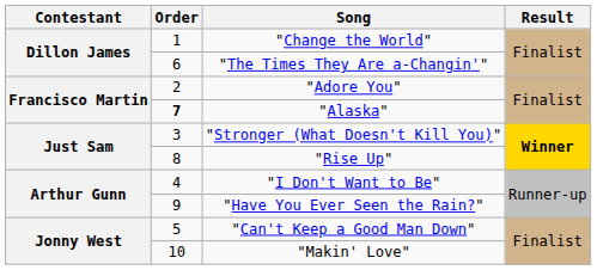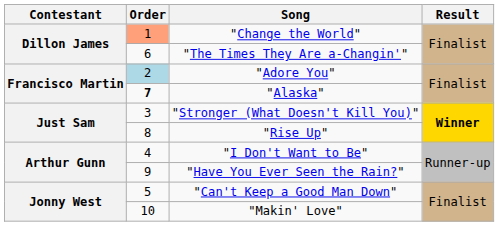 <table class="wikitable unsortable" style="text-align:center;">
 <tr>
 <th scope="col">Contestant</th>
 <th scope="col">Order</th>
 <th scope="col">Song</th>
 <th scope="col">Result</th>
 </tr>
 <tr>
 <th scope="row" rowspan="2">Dillon James</th>
-<td>1</td>
+<td style="background: lightsalmon;">1</td>
 <td>"<a href='#'>Change the World</a>"</td>
 <td rowspan="2" bgcolor="tan">Finalist</td>
 </tr>
 <tr>
 <td>6</td>
 <td>"<a href='#'>The Times They Are a-Changin'</a>"</td>
 </tr>
 <tr>
 <th scope="row" rowspan="2">Francisco Martin</th>
-<td>2</td>
+<td style="background: lightblue;">2</td>
 <td>"<a href='#'>Adore You</a>"</td>
 <td rowspan="2" bgcolor="tan">Finalist</td>
 </tr>
 <tr>
 <td><strong>7</strong></td>
 <td>"<a href='#'>Alaska</a>"</td>
 </tr>
 <tr>
 <th scope="row" rowspan="2">Just Sam</th>
 <td>3</td>
 <td>"<a href='#'>Stronger (What Doesn't Kill You)</a>"</td>
 <td rowspan="2" bgcolor="gold"><strong>Winner</strong></td>
 </tr>
 <tr>
 <td>8</td>
 <td>"<a href='#'>Rise Up</a>"</td>
 </tr>
 <tr>
 <th scope="row" rowspan="2">Arthur Gunn</th>
 <td>4</td>
 <td>"<a href='#'>I Don't Want to Be</a>"</td>
 <td rowspan="2" bgcolor="silver">Runner-up</td>
 </tr>
 <tr>
 <td>9</td>
 <td>"<a href='#'>Have You Ever Seen the Rain?</a>"</td>
 </tr>
 <tr>
 <th scope="row" rowspan="2">Jonny West</th>
 <td>5</td>
 <td>"<a href='#'>Can't Keep a Good Man Down</a>"</td>
 <td rowspan="2" bgcolor="tan">Finalist</td>
 </tr>
 <tr>
 <td>10</td>
 <td>"Makin' Love"</td>
 </tr>
 </table>
